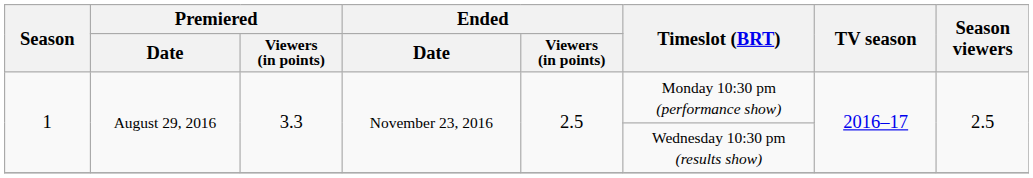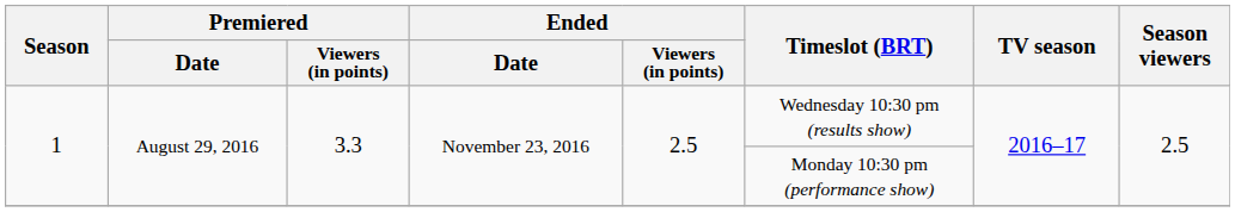 <table class="wikitable" style="text-align:center; width:100%;">
 <tr>
 <th rowspan=2>Season</th>
 <th colspan=2>Premiered</th>
 <th colspan=2>Ended</th>
 <th rowspan=2>Timeslot (<a href='#'>BRT</a>)</th>
 <th rowspan=2>TV season</th>
 <th rowspan=2>Season<br>viewers</th>
 </tr>
 <tr>
 <th>Date</th>
 <th span style="width:10%; font-size:smaller; font-weight:bold; line-height:100%;">Viewers<br>(in points)</th>
 <th>Date</th>
 <th span style="width:10%; font-size:smaller; font-weight:bold; line-height:100%;">Viewers<br>(in points)</th>
 </tr>
 <tr>
 <td rowspan=2>1</td>
 <td rowspan=2><small>August 29, 2016</small></td>
 <td rowspan=2>3.3</td>
 <td rowspan=2><small>November 23, 2016</small></td>
 <td rowspan=2>2.5</td>
-<td rowspan=1><small>Monday 10:30 pm<br><em>(performance show)</em></small></td>
+<td rowspan=1><small>Wednesday 10:30 pm<br><em>(results show)</em></small></td>
 <td rowspan=2><a href='#'>2016–17</a></td>
 <td rowspan=2>2.5</td>
 </tr>
 <tr>
-<td rowspan=1><small>Wednesday 10:30 pm<br><em>(results show)</em></small></td>
+<td rowspan=1><small>Monday 10:30 pm<br><em>(performance show)</em></small></td>
 </tr>
 <tr>
 </tr>
 </table>
